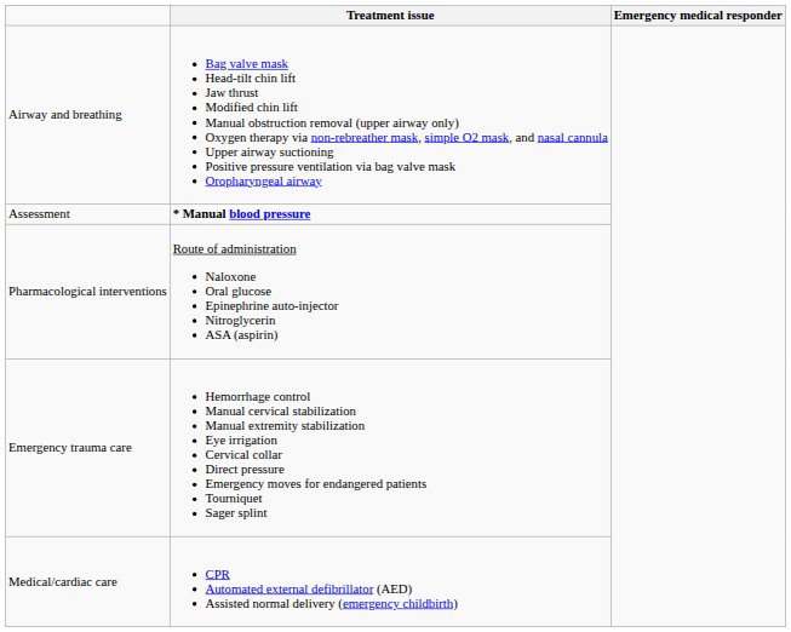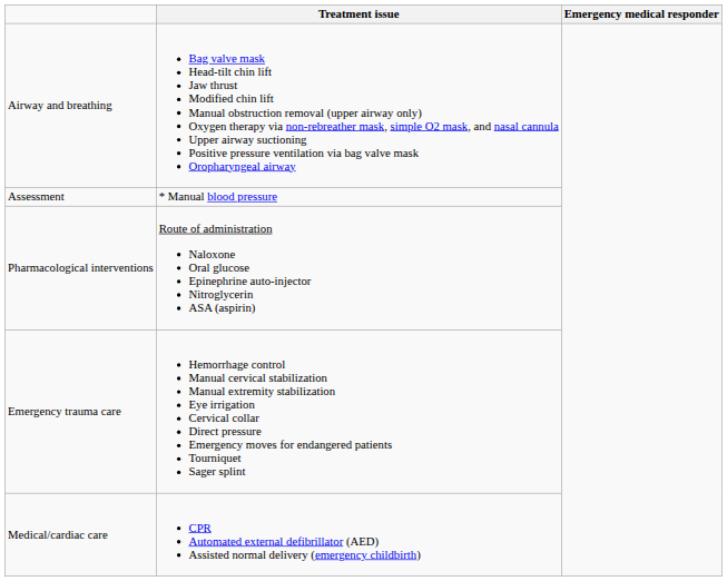 <table class="wikitable" | style="margin: 1em auto 1em auto"  style="vertical-align: top">
 <tr>
 <td></td>
 <th>Treatment issue</th>
 <th>Emergency medical responder</th>
 </tr>
 <tr>
 <td>Airway and breathing</td>
 <td><br><ul><li><a href='#'>Bag valve mask</a></li><li>Head-tilt chin lift</li><li>Jaw thrust</li><li>Modified chin lift</li><li>Manual obstruction removal (upper airway only)</li><li>Oxygen therapy via <a href='#'>non-rebreather mask</a>, <a href='#'>simple O2 mask</a>, and <a href='#'>nasal cannula</a></li><li>Upper airway suctioning</li><li>Positive pressure ventilation via bag valve mask</li><li><a href='#'>Oropharyngeal airway</a></li></ul></td>
 </tr>
 <tr>
 <td>Assessment</td>
-<td><strong>* Manual <a href='#'>blood pressure</a></strong></td>
+<td>* Manual <a href='#'>blood pressure</a></td>
 </tr>
 <tr>
 <td>Pharmacological interventions</td>
 <td><br><u>Route of administration</u><ul><li>Naloxone</li><li>Oral glucose</li><li>Epinephrine auto-injector</li><li>Nitroglycerin</li><li>ASA (aspirin)</li></ul></td>
 </tr>
 <tr>
 <td>Emergency trauma care</td>
 <td><br><ul><li>Hemorrhage control</li><li>Manual cervical stabilization</li><li>Manual extremity stabilization</li><li>Eye irrigation</li><li>Cervical collar</li><li>Direct pressure</li><li>Emergency moves for endangered patients</li><li>Tourniquet</li><li>Sager splint</li></ul></td>
 </tr>
 <tr>
 <td>Medical/cardiac care</td>
 <td><br><ul><li><a href='#'>CPR</a></li><li><a href='#'>Automated external defibrillator</a> (AED)</li><li>Assisted normal delivery (<a href='#'>emergency childbirth</a>)</li></ul></td>
 </tr>
 </table>
